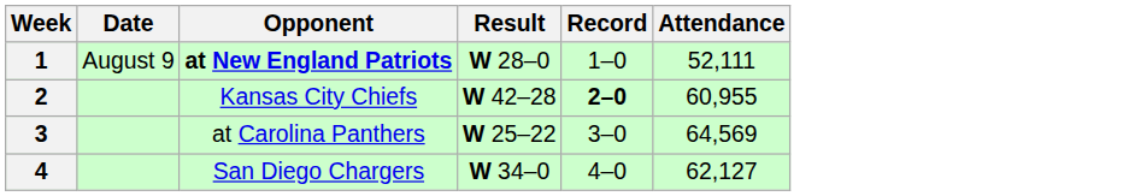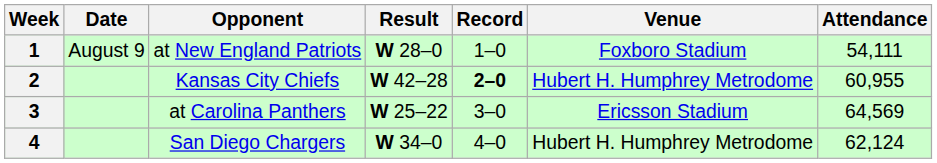 <table class="wikitable" style="text-align:center">
 <tr>
 <th>Week</th>
 <th>Date</th>
 <th>Opponent</th>
 <th>Result</th>
 <th>Record</th>
+<th>Venue</th>
 <th>Attendance</th>
 </tr>
 <tr style="background:#cfc">
 <th>1</th>
 <td>August 9</td>
-<td><strong>at <a href='#'>New England Patriots</a></strong></td>
+<td>at <a href='#'>New England Patriots</a></td>
 <td><strong>W</strong> 28–0</td>
 <td>1–0</td>
-<td>52,111</td>
+<td><a href='#'>Foxboro Stadium</a></td>
+<td>54,111</td>
 </tr>
 <tr style="background:#cfc">
 <th>2</th>
 <td></td>
 <td><a href='#'>Kansas City Chiefs</a></td>
 <td><strong>W</strong> 42–28</td>
 <td><strong>2–0</strong></td>
+<td><a href='#'>Hubert H. Humphrey Metrodome</a></td>
 <td>60,955</td>
 </tr>
 <tr style="background:#cfc">
 <th>3</th>
 <td></td>
 <td>at <a href='#'>Carolina Panthers</a></td>
 <td><strong>W</strong> 25–22 </td>
 <td>3–0</td>
+<td><a href='#'>Ericsson Stadium</a></td>
 <td>64,569</td>
 </tr>
 <tr style="background:#cfc">
 <th>4</th>
 <td></td>
 <td><a href='#'>San Diego Chargers</a></td>
 <td><strong>W</strong> 34–0</td>
 <td>4–0</td>
-<td>62,127</td>
+<td>Hubert H. Humphrey Metrodome</td>
+<td>62,124</td>
 </tr>
 </table>
